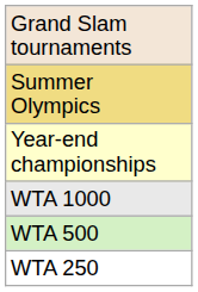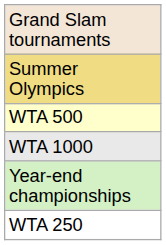 <table class="wikitable nowrap" style=font-size:90%;width:14%>
 <tr style="background:#F3E6D7;">
 <td>Grand Slam tournaments</td>
 </tr>
 <tr style="background:#f0dc82;">
 <td>Summer Olympics</td>
 </tr>
 <tr style="background:#ffc;">
-<td>Year-end championships</td>
+<td>WTA 500</td>
 </tr>
 <tr style="background:#e9e9e9;">
 <td>WTA 1000</td>
 </tr>
 <tr style="background:#D4F1C5;">
-<td>WTA 500</td>
+<td>Year-end championships</td>
 </tr>
 <tr style="background:#fff;">
 <td>WTA 250</td>
 </tr>
 </table>
